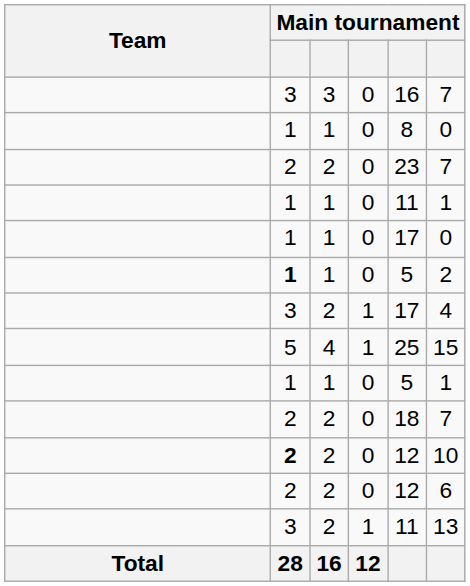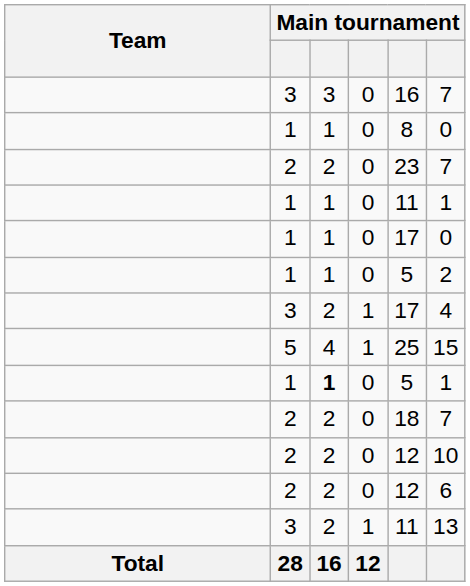 <table class="wikitable">
 <tr>
 <th rowspan="2" style="width:180px;">Team<br></th>
 <th colspan=5>Main tournament</th>
 </tr>
 <tr>
 <th width=20><br></th>
 <th width=20><br></th>
 <th width=20><br></th>
 <th width=20><br></th>
 <th width=20><br></th>
 </tr>
 <tr style="text-align:center;">
 <td style="text-align:left;"></td>
 <td>3</td>
 <td>3</td>
 <td>0</td>
 <td>16</td>
 <td>7</td>
 </tr>
 <tr style="text-align:center;">
 <td style="text-align:left;"></td>
 <td>1</td>
 <td>1</td>
 <td>0</td>
 <td>8</td>
 <td>0</td>
 </tr>
 <tr style="text-align:center;">
 <td style="text-align:left;"></td>
 <td>2</td>
 <td>2</td>
 <td>0</td>
 <td>23</td>
 <td>7</td>
 </tr>
 <tr style="text-align:center;">
 <td style="text-align:left;"></td>
 <td>1</td>
 <td>1</td>
 <td>0</td>
 <td>11</td>
 <td>1</td>
 </tr>
 <tr style="text-align:center;">
 <td style="text-align:left;"></td>
 <td>1</td>
 <td>1</td>
 <td>0</td>
 <td>17</td>
 <td>0</td>
 </tr>
 <tr style="text-align:center;">
 <td style="text-align:left;"></td>
-<td><strong>1</strong></td>
+<td>1</td>
 <td>1</td>
 <td>0</td>
 <td>5</td>
 <td>2</td>
 </tr>
 <tr style="text-align:center;">
 <td style="text-align:left;"></td>
 <td>3</td>
 <td>2</td>
 <td>1</td>
 <td>17</td>
 <td>4</td>
 </tr>
 <tr style="text-align:center;">
 <td style="text-align:left;"></td>
 <td>5</td>
 <td>4</td>
 <td>1</td>
 <td>25</td>
 <td>15</td>
 </tr>
 <tr style="text-align:center;">
 <td style="text-align:left;"></td>
 <td>1</td>
-<td>1</td>
+<td><strong>1</strong></td>
 <td>0</td>
 <td>5</td>
 <td>1</td>
 </tr>
 <tr style="text-align:center;">
 <td style="text-align:left;"></td>
 <td>2</td>
 <td>2</td>
 <td>0</td>
 <td>18</td>
 <td>7</td>
 </tr>
 <tr style="text-align:center;">
 <td style="text-align:left;"></td>
-<td><strong>2</strong></td>
+<td>2</td>
 <td>2</td>
 <td>0</td>
 <td>12</td>
 <td>10</td>
 </tr>
 <tr style="text-align:center;">
 <td style="text-align:left;"></td>
 <td>2</td>
 <td>2</td>
 <td>0</td>
 <td>12</td>
 <td>6</td>
 </tr>
 <tr style="text-align:center;">
 <td style="text-align:left;"></td>
 <td>3</td>
 <td>2</td>
 <td>1</td>
 <td>11</td>
 <td>13</td>
 </tr>
 <tr class="sortbottom">
 <th>Total</th>
 <th align=center>28</th>
 <th align=center>16</th>
 <th align=center>12</th>
 <th align=center></th>
 <th align=center></th>
 </tr>
 </table>
